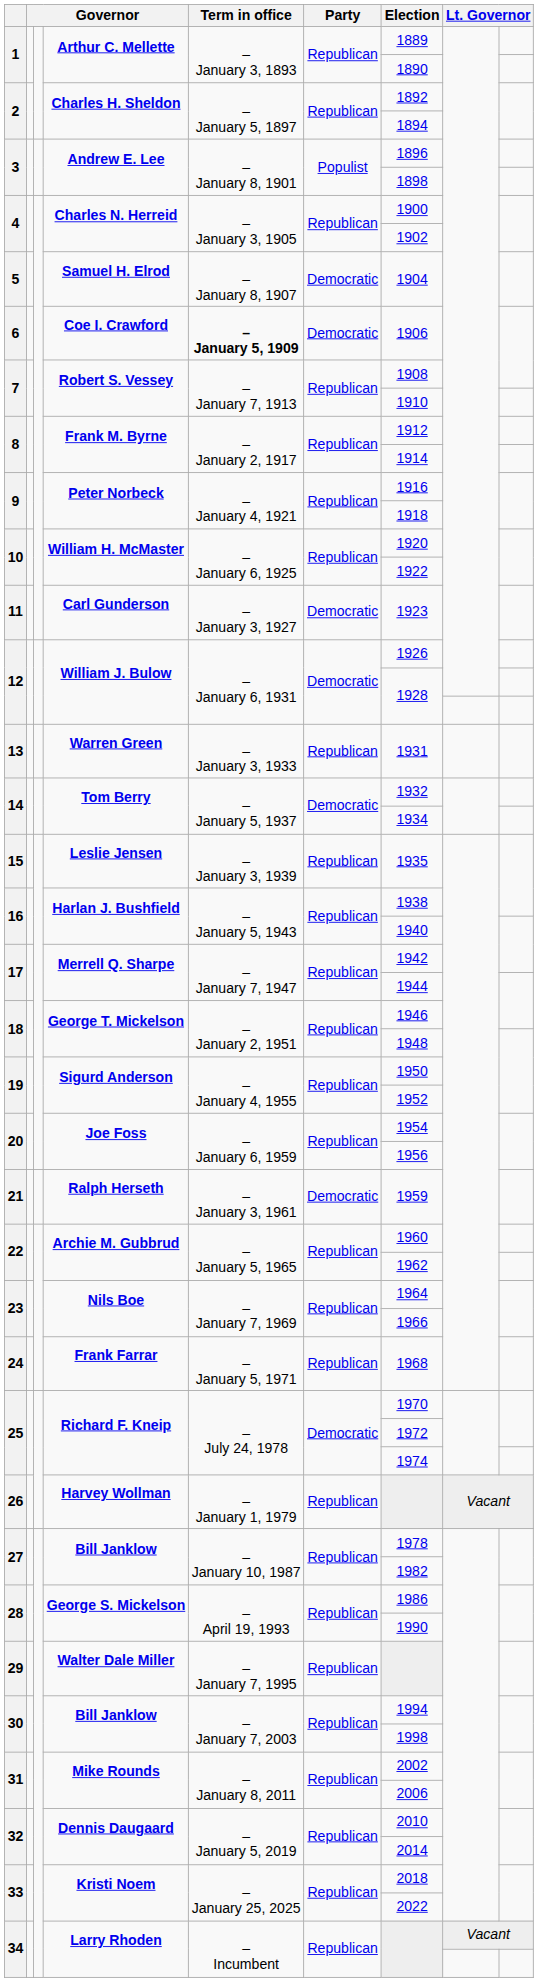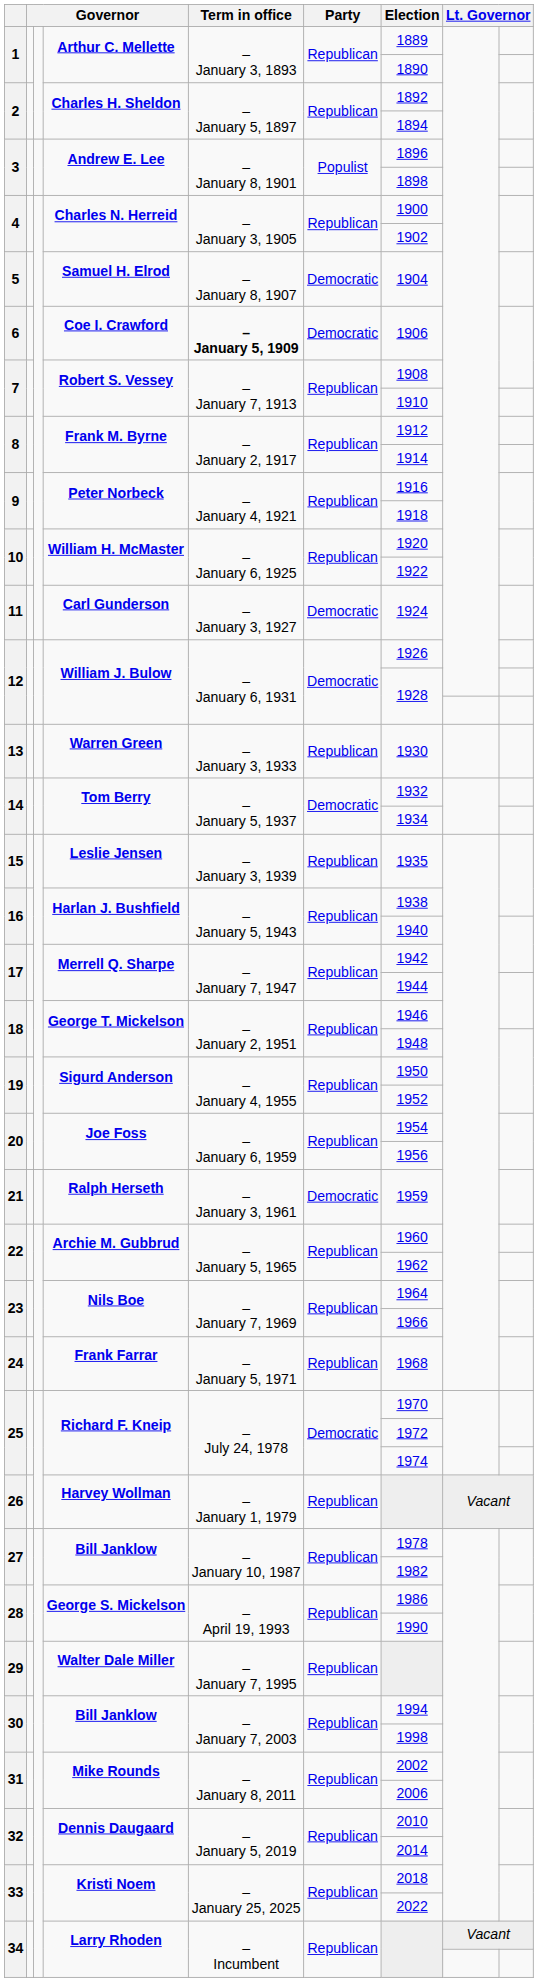 <table class="wikitable sortable mw-collapsible sticky-header-multi" style="text-align:center;">
 <tr>
 <th scope="col" data-sort-type="number"></th>
 <th scope="colgroup" colspan="3">Governor</th>
 <th scope="col">Term in office</th>
 <th scope="col">Party</th>
 <th scope="col">Election</th>
 <th scope="colgroup" colspan="2"><a href='#'>Lt. Governor</a></th>
 </tr>
 <tr style="height:2em;">
 <th rowspan="2" scope="rowgroup">1</th>
 <td rowspan="2" data-sort-value="Mellette, Arthur"></td>
 <td rowspan="4" style="background: "> </td>
 <td rowspan="2"><strong><a href='#'>Arthur C. Mellette</a></strong><br><br></td>
 <td rowspan="2"><br>–<br>January 3, 1893<br></td>
 <td rowspan="2"><a href='#'>Republican</a></td>
 <td><a href='#'>1889</a></td>
 <td rowspan="21" style="background: "> </td>
 <td></td>
 </tr>
 <tr style="height:2em;">
 <td><a href='#'>1890</a></td>
 <td></td>
 </tr>
 <tr style="height:2em;">
 <th rowspan="2" scope="rowgroup">2</th>
 <td rowspan="2" data-sort-value="Sheldon, Charles"></td>
 <td rowspan="2"><strong><a href='#'>Charles H. Sheldon</a></strong><br><br></td>
 <td rowspan="2"><br>–<br>January 5, 1897<br></td>
 <td rowspan="2"><a href='#'>Republican</a></td>
 <td><a href='#'>1892</a></td>
 <td rowspan="2"></td>
 </tr>
 <tr style="height:2em;">
 <td><a href='#'>1894</a></td>
 </tr>
 <tr style="height:2em;">
 <th rowspan="2" scope="rowgroup">3</th>
 <td rowspan="2" data-sort-value="Lee, Andrew"></td>
 <td rowspan="2" style="color:inherit;background: "></td>
 <td rowspan="2"><strong><a href='#'>Andrew E. Lee</a></strong><br><br></td>
 <td rowspan="2"><br>–<br>January 8, 1901<br></td>
 <td rowspan="2"><a href='#'>Populist</a></td>
 <td><a href='#'>1896</a></td>
 <td></td>
 </tr>
 <tr style="height:2em;">
 <td><a href='#'>1898</a></td>
 <td></td>
 </tr>
 <tr style="height:2em;">
 <th rowspan="2" scope="rowgroup">4</th>
 <td rowspan="2" data-sort-value="Herreid, Charles"></td>
 <td rowspan="13" style="color:inherit;background: "></td>
 <td rowspan="2"><strong><a href='#'>Charles N. Herreid</a></strong><br><br></td>
 <td rowspan="2"><br>–<br>January 3, 1905<br></td>
 <td rowspan="2"><a href='#'>Republican</a></td>
 <td><a href='#'>1900</a></td>
 <td rowspan="2"></td>
 </tr>
 <tr style="height:2em;">
 <td><a href='#'>1902</a></td>
 </tr>
 <tr style="height:2em;">
 <th scope="row">5</th>
 <td data-sort-value="Elrod, Samuel"></td>
 <td><strong><a href='#'>Samuel H. Elrod</a></strong><br><br></td>
 <td><br>–<br>January 8, 1907<br></td>
 <td><a href='#'>Democratic</a></td>
 <td><a href='#'>1904</a></td>
 <td></td>
 </tr>
 <tr style="height:2em;">
 <th scope="row">6</th>
 <td data-sort-value="Crawford, Coe"></td>
 <td><strong><a href='#'>Coe I. Crawford</a></strong><br><br></td>
 <td><strong><br>–<br>January 5, 1909<br></strong></td>
 <td><a href='#'>Democratic</a></td>
 <td><a href='#'>1906</a></td>
 <td rowspan="2"></td>
 </tr>
 <tr style="height:2em;">
 <th rowspan="2" scope="rowgroup">7</th>
 <td rowspan="2" data-sort-value="Vessey, Robert"></td>
 <td rowspan="2"><strong><a href='#'>Robert S. Vessey</a></strong><br><br></td>
 <td rowspan="2"><br>–<br>January 7, 1913<br></td>
 <td rowspan="2"><a href='#'>Republican</a></td>
 <td><a href='#'>1908</a></td>
 </tr>
 <tr style="height:2em;">
 <td><a href='#'>1910</a></td>
 <td></td>
 </tr>
 <tr style="height:2em;">
 <th rowspan="2" scope="rowgroup">8</th>
 <td rowspan="2" data-sort-value="Byrne, Frank"></td>
 <td rowspan="2"><strong><a href='#'>Frank M. Byrne</a></strong><br><br></td>
 <td rowspan="2"><br>–<br>January 2, 1917<br></td>
 <td rowspan="2"><a href='#'>Republican</a></td>
 <td><a href='#'>1912</a></td>
 <td></td>
 </tr>
 <tr style="height:2em;">
 <td><a href='#'>1914</a></td>
 <td></td>
 </tr>
 <tr style="height:2em;">
 <th rowspan="2" scope="rowgroup">9</th>
 <td rowspan="2" data-sort-value="Norbeck, Peter"></td>
 <td rowspan="2"><strong><a href='#'>Peter Norbeck</a></strong><br><br></td>
 <td rowspan="2"><br>–<br>January 4, 1921<br></td>
 <td rowspan="2"><a href='#'>Republican</a></td>
 <td><a href='#'>1916</a></td>
 <td rowspan="2"></td>
 </tr>
 <tr style="height:2em;">
 <td><a href='#'>1918</a></td>
 </tr>
 <tr style="height:2em;">
 <th rowspan="2" scope="rowgroup">10</th>
 <td rowspan="2" data-sort-value="McMaster, William"></td>
 <td rowspan="2"><strong><a href='#'>William H. McMaster</a></strong><br><br></td>
 <td rowspan="2"><br>–<br>January 6, 1925<br></td>
 <td rowspan="2"><a href='#'>Republican</a></td>
 <td><a href='#'>1920</a></td>
 <td rowspan="2"></td>
 </tr>
 <tr style="height:2em;">
 <td><a href='#'>1922</a></td>
 </tr>
 <tr style="height:2em;">
 <th scope="row">11</th>
 <td data-sort-value="Gunderson, Carl"></td>
 <td><strong><a href='#'>Carl Gunderson</a></strong><br><br></td>
 <td><br>–<br>January 3, 1927<br></td>
 <td><a href='#'>Democratic</a></td>
-<td><a href='#'>1923</a></td>
+<td><a href='#'>1924</a></td>
 <td></td>
 </tr>
 <tr style="height:2em;">
 <th rowspan="3" scope="rowgroup">12</th>
 <td rowspan="3" data-sort-value="Bulow, William"></td>
 <td rowspan="3" style="color:inherit;background: "></td>
 <td rowspan="3"><strong><a href='#'>William J. Bulow</a></strong><br><br></td>
 <td rowspan="3"><br>–<br>January 6, 1931<br></td>
 <td rowspan="3"><a href='#'>Democratic</a></td>
 <td><a href='#'>1926</a></td>
 <td></td>
 </tr>
 <tr style="height:2em;">
 <td rowspan="2"><a href='#'>1928</a></td>
 <td><br></td>
 </tr>
 <tr style="height:2em;">
 <td style="color:inherit;background: "></td>
 <td></td>
 </tr>
 <tr style="height:2em;">
 <th scope="row">13</th>
 <td data-sort-value="Green, Warren"></td>
 <td style="color:inherit;background: "></td>
 <td><strong><a href='#'>Warren Green</a></strong><br><br></td>
 <td><br>–<br>January 3, 1933<br></td>
 <td><a href='#'>Republican</a></td>
-<td><a href='#'>1931</a></td>
+<td><a href='#'>1930</a></td>
 <td style="color:inherit;background: "></td>
 <td></td>
 </tr>
 <tr style="height:2em;">
 <th rowspan="2" scope="rowgroup">14</th>
 <td rowspan="2" data-sort-value="Berry, Tom"></td>
 <td rowspan="2" style="color:inherit;background: "></td>
 <td rowspan="2"><strong><a href='#'>Tom Berry</a></strong><br><br></td>
 <td rowspan="2"><br>–<br>January 5, 1937<br></td>
 <td rowspan="2"><a href='#'>Democratic</a></td>
 <td><a href='#'>1932</a></td>
 <td rowspan="2" style="color:inherit;background: "></td>
 <td></td>
 </tr>
 <tr style="height:2em;">
 <td><a href='#'>1934</a></td>
 <td></td>
 </tr>
 <tr style="height:2em;">
 <th scope="row">15</th>
 <td data-sort-value="Jensen, Leslie"></td>
 <td rowspan="11" style="color:inherit;background: "></td>
 <td><strong><a href='#'>Leslie Jensen</a></strong><br><br></td>
 <td><br>–<br>January 3, 1939<br></td>
 <td><a href='#'>Republican</a></td>
 <td><a href='#'>1935</a></td>
 <td rowspan="17" style="color:inherit;background: "></td>
 <td rowspan="2"></td>
 </tr>
 <tr style="height:2em;">
 <th rowspan="2" scope="rowgroup">16</th>
 <td rowspan="2" data-sort-value="Bushfield, Harlan"></td>
 <td rowspan="2"><strong><a href='#'>Harlan J. Bushfield</a></strong><br><br></td>
 <td rowspan="2"><br>–<br>January 5, 1943<br></td>
 <td rowspan="2"><a href='#'>Republican</a></td>
 <td><a href='#'>1938</a></td>
 </tr>
 <tr style="height:2em;">
 <td><a href='#'>1940</a></td>
 <td rowspan="2"></td>
 </tr>
 <tr style="height:2em;">
 <th rowspan="2" scope="rowgroup">17</th>
 <td rowspan="2" data-sort-value="Sharpe, Merrell"></td>
 <td rowspan="2"><strong><a href='#'>Merrell Q. Sharpe</a></strong><br><br></td>
 <td rowspan="2"><br>–<br>January 7, 1947<br></td>
 <td rowspan="2"><a href='#'>Republican</a></td>
 <td><a href='#'>1942</a></td>
 </tr>
 <tr style="height:2em;">
 <td><a href='#'>1944</a></td>
 <td rowspan="2"></td>
 </tr>
 <tr style="height:2em;">
 <th rowspan="2" scope="rowgroup">18</th>
 <td rowspan="2" data-sort-value="Mickelson, George T."></td>
 <td rowspan="2"><strong><a href='#'>George T. Mickelson</a></strong><br><br></td>
 <td rowspan="2"><br>–<br>January 2, 1951<br></td>
 <td rowspan="2"><a href='#'>Republican</a></td>
 <td><a href='#'>1946</a></td>
 </tr>
 <tr style="height:2em;">
 <td><a href='#'>1948</a></td>
 <td rowspan="3"></td>
 </tr>
 <tr style="height:2em;">
 <th rowspan="2" scope="rowgroup">19</th>
 <td rowspan="2" data-sort-value="Anderson, Sigurd"></td>
 <td rowspan="2"><strong><a href='#'>Sigurd Anderson</a></strong><br><br></td>
 <td rowspan="2"><br>–<br>January 4, 1955<br></td>
 <td rowspan="2"><a href='#'>Republican</a></td>
 <td><a href='#'>1950</a></td>
 </tr>
 <tr style="height:2em;">
 <td><a href='#'>1952</a></td>
 </tr>
 <tr style="height:2em;">
 <th rowspan="2" scope="rowgroup">20</th>
 <td rowspan="2" data-sort-value="Foss, Joe"></td>
 <td rowspan="2"><strong><a href='#'>Joe Foss</a></strong><br><br></td>
 <td rowspan="2"><br>–<br>January 6, 1959<br></td>
 <td rowspan="2"><a href='#'>Republican</a></td>
 <td><a href='#'>1954</a></td>
 <td rowspan="2"></td>
 </tr>
 <tr style="height:2em;">
 <td><a href='#'>1956</a></td>
 </tr>
 <tr style="height:2em;">
 <th scope="row">21</th>
 <td data-sort-value="Herseth, Ralph"></td>
 <td style="color:inherit;background: "></td>
 <td><strong><a href='#'>Ralph Herseth</a></strong><br><br></td>
 <td><br>–<br>January 3, 1961<br></td>
 <td><a href='#'>Democratic</a></td>
 <td><a href='#'>1959</a></td>
 <td></td>
 </tr>
 <tr style="height:2em;">
 <th rowspan="2" scope="rowgroup">22</th>
 <td rowspan="2" data-sort-value="Gubbrud, Archie"></td>
 <td rowspan="5" style="color:inherit;background: "></td>
 <td rowspan="2"><strong><a href='#'>Archie M. Gubbrud</a></strong><br><br></td>
 <td rowspan="2"><br>–<br>January 5, 1965<br></td>
 <td rowspan="2"><a href='#'>Republican</a></td>
 <td><a href='#'>1960</a></td>
 <td></td>
 </tr>
 <tr style="height:2em;">
 <td><a href='#'>1962</a></td>
 <td></td>
 </tr>
 <tr style="height:2em;">
 <th rowspan="2" scope="rowgroup">23</th>
 <td rowspan="2" data-sort-value="Boe, Nils"></td>
 <td rowspan="2"><strong><a href='#'>Nils Boe</a></strong><br><br></td>
 <td rowspan="2"><br>–<br>January 7, 1969<br></td>
 <td rowspan="2"><a href='#'>Republican</a></td>
 <td><a href='#'>1964</a></td>
 <td rowspan="2"></td>
 </tr>
 <tr style="height:2em;">
 <td><a href='#'>1966</a></td>
 </tr>
 <tr style="height:2em;">
 <th scope="row">24</th>
 <td data-sort-value="Farrar, Frank"></td>
 <td><strong><a href='#'>Frank Farrar</a></strong><br><br></td>
 <td><br>–<br>January 5, 1971<br></td>
 <td><a href='#'>Republican</a></td>
 <td><a href='#'>1968</a></td>
 <td></td>
 </tr>
 <tr style="height:2em;">
 <th rowspan="3" scope="rowgroup">25</th>
 <td rowspan="3" data-sort-value="Kneip, Richard"></td>
 <td rowspan="4" style="color:inherit;background: "></td>
 <td rowspan="3"><strong><a href='#'>Richard F. Kneip</a></strong><br><br></td>
 <td rowspan="3"><br>–<br>July 24, 1978<br></td>
 <td rowspan="3"><a href='#'>Democratic</a></td>
 <td><a href='#'>1970</a></td>
 <td rowspan="3" style="color:inherit;background: "></td>
 <td rowspan="2"></td>
 </tr>
 <tr style="height:2em;">
 <td><a href='#'>1972</a></td>
 </tr>
 <tr style="height:2em;">
 <td><a href='#'>1974</a></td>
 <td></td>
 </tr>
 <tr style="height:2em;">
 <th scope="row">26</th>
 <td data-sort-value="Wollman, Harvey"></td>
 <td><strong><a href='#'>Harvey Wollman</a></strong><br><br></td>
 <td><br>–<br>January 1, 1979<br></td>
 <td><a href='#'>Republican</a></td>
 <td style="background:#EEEEEE"></td>
 <td colspan="2" style="background:#EEEEEE;"><em>Vacant</em></td>
 </tr>
 <tr style="height:2em;">
 <th rowspan="2" scope="rowgroup">27</th>
 <td rowspan="2" data-sort-value="Janklow, Bill"></td>
 <td rowspan="15" style="color:inherit;background: "></td>
 <td rowspan="2"><strong><a href='#'>Bill Janklow</a></strong><br><br></td>
 <td rowspan="2"><br>–<br>January 10, 1987<br></td>
 <td rowspan="2"><a href='#'>Republican</a></td>
 <td><a href='#'>1978</a></td>
 <td rowspan="13" style="color:inherit;background: "></td>
 <td rowspan="2"></td>
 </tr>
 <tr style="height:2em;">
 <td><a href='#'>1982</a></td>
 </tr>
 <tr style="height:2em;">
 <th rowspan="2" scope="rowgroup">28</th>
 <td rowspan="2" data-sort-value="Mickelson, George S."></td>
 <td rowspan="2"><strong><a href='#'>George S. Mickelson</a></strong><br><br></td>
 <td rowspan="2"><br>–<br>April 19, 1993<br></td>
 <td rowspan="2"><a href='#'>Republican</a></td>
 <td><a href='#'>1986</a></td>
 <td rowspan="2"></td>
 </tr>
 <tr style="height:2em;">
 <td><a href='#'>1990</a></td>
 </tr>
 <tr style="height:2em;">
 <th scope="row">29</th>
 <td data-sort-value="Miller, Walter"></td>
 <td><strong><a href='#'>Walter Dale Miller</a></strong><br><br></td>
 <td><br>–<br>January 7, 1995<br></td>
 <td><a href='#'>Republican</a></td>
 <td style="background:#EEEEEE"></td>
 <td></td>
 </tr>
 <tr style="height:2em;">
 <th rowspan="2" scope="rowgroup">30</th>
 <td rowspan="2" data-sort-value="Janklow, Bill"></td>
 <td rowspan="2"><strong><a href='#'>Bill Janklow</a></strong><br><br></td>
 <td rowspan="2"><br>–<br>January 7, 2003<br></td>
 <td rowspan="2"><a href='#'>Republican</a></td>
 <td><a href='#'>1994</a></td>
 <td rowspan="2"></td>
 </tr>
 <tr style="height:2em;">
 <td><a href='#'>1998</a></td>
 </tr>
 <tr style="height:2em;">
 <th rowspan="2" scope="rowgroup">31</th>
 <td rowspan="2" data-sort-value="Rounds, Mike"></td>
 <td rowspan="2"><strong><a href='#'>Mike Rounds</a></strong><br><br></td>
 <td rowspan="2"><br>–<br>January 8, 2011<br></td>
 <td rowspan="2"><a href='#'>Republican</a></td>
 <td><a href='#'>2002</a></td>
 <td rowspan="2"></td>
 </tr>
 <tr style="height:2em;">
 <td><a href='#'>2006</a></td>
 </tr>
 <tr style="height:2em;">
 <th rowspan="2" scope="rowgroup">32</th>
 <td rowspan="2" data-sort-value="Daugaard, Dennis"></td>
 <td rowspan="2"><strong><a href='#'>Dennis Daugaard</a></strong><br><br></td>
 <td rowspan="2"><br>–<br>January 5, 2019<br></td>
 <td rowspan="2"><a href='#'>Republican</a></td>
 <td><a href='#'>2010</a></td>
 <td rowspan="2"></td>
 </tr>
 <tr style="height:2em;">
 <td><a href='#'>2014</a></td>
 </tr>
 <tr style="height:2em;">
 <th rowspan="2" scope="rowgroup">33</th>
 <td rowspan="2" data-sort-value="Noem, Kristi"></td>
 <td rowspan="2"><strong><a href='#'>Kristi Noem</a></strong><br><br></td>
 <td rowspan="2"><br>–<br>January 25, 2025<br></td>
 <td rowspan="2"><a href='#'>Republican</a></td>
 <td><a href='#'>2018</a></td>
 <td rowspan="2"></td>
 </tr>
 <tr style="height:2em;">
 <td><a href='#'>2022</a></td>
 </tr>
 <tr style="height:2em;">
 <th rowspan="2" scope="rowgroup">34</th>
 <td rowspan="2" data-sort-value="Rhoden, Larry"></td>
 <td rowspan="2"><strong><a href='#'>Larry Rhoden</a></strong><br><br></td>
 <td rowspan="2"><br>–<br>Incumbent</td>
 <td rowspan="2"><a href='#'>Republican</a></td>
 <td rowspan="2" style="background:#EEEEEE"></td>
 <td colspan="2" style="background:#EEEEEE;"><em>Vacant</em></td>
 </tr>
 <tr style="height:2em;">
 <td style="color:inherit;background: "></td>
 <td><br></td>
 </tr>
 </table>
